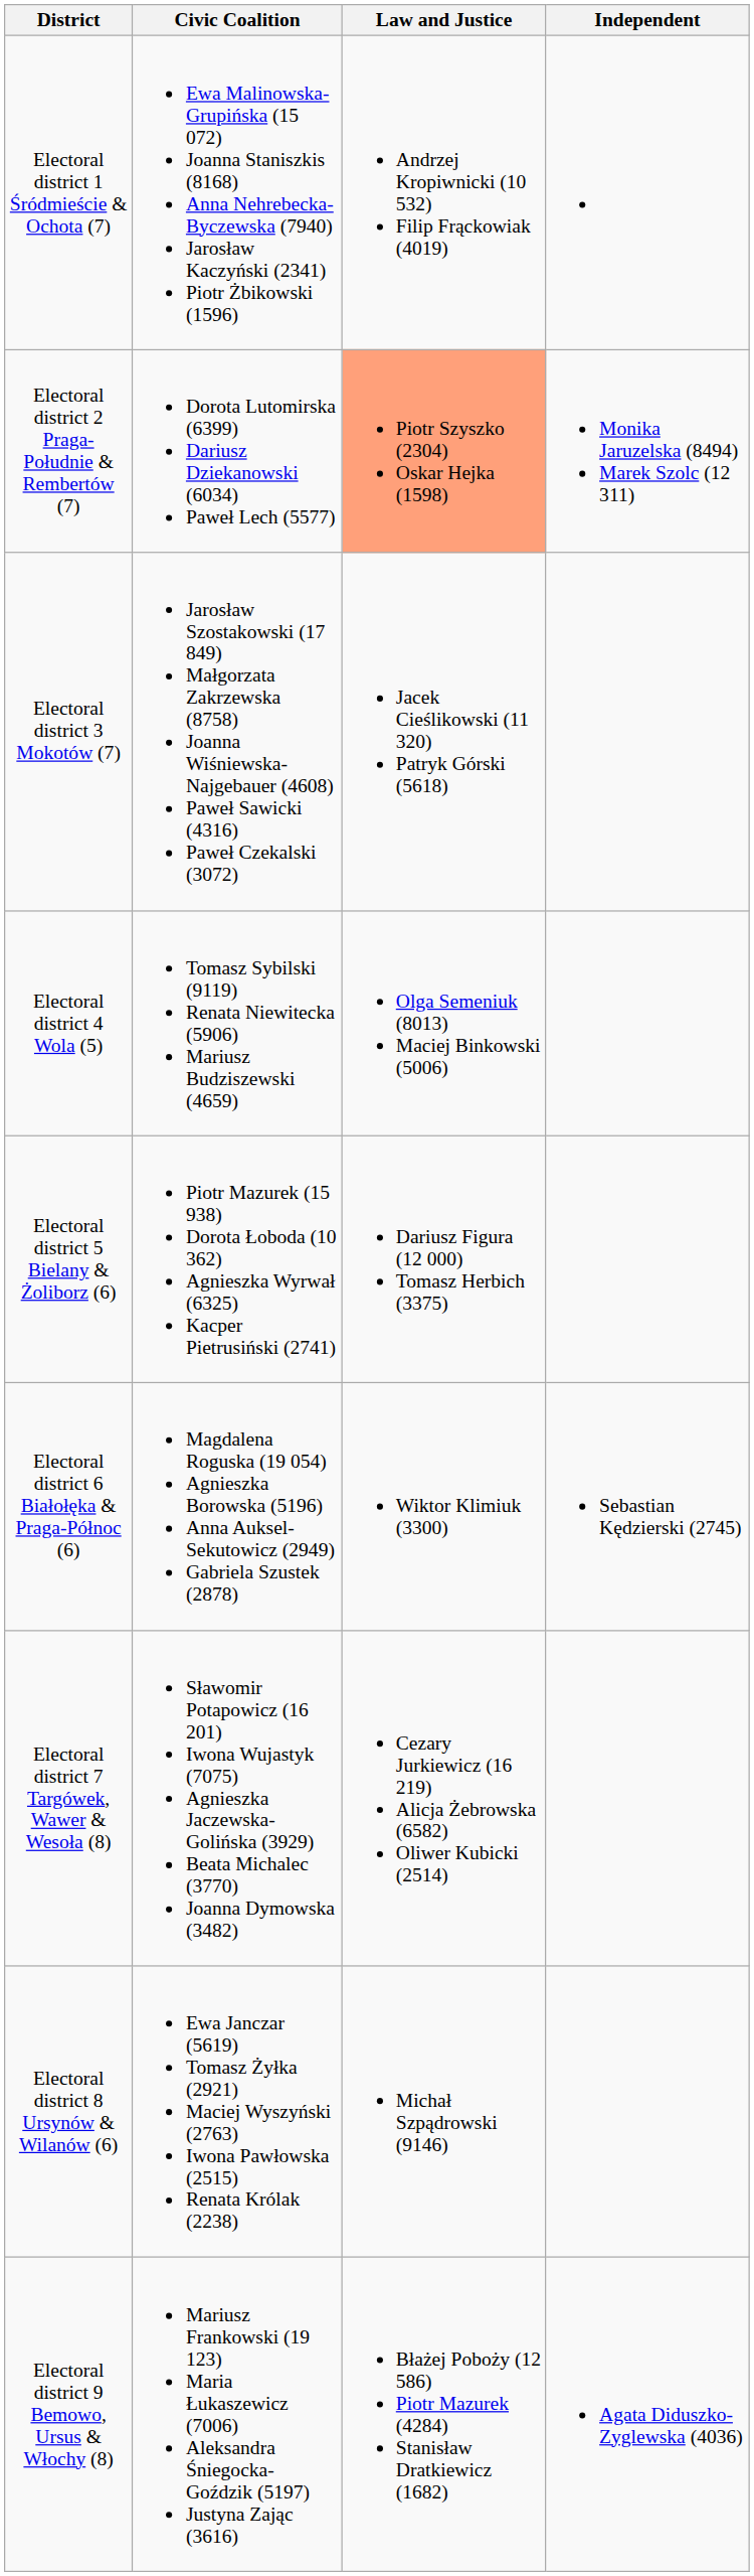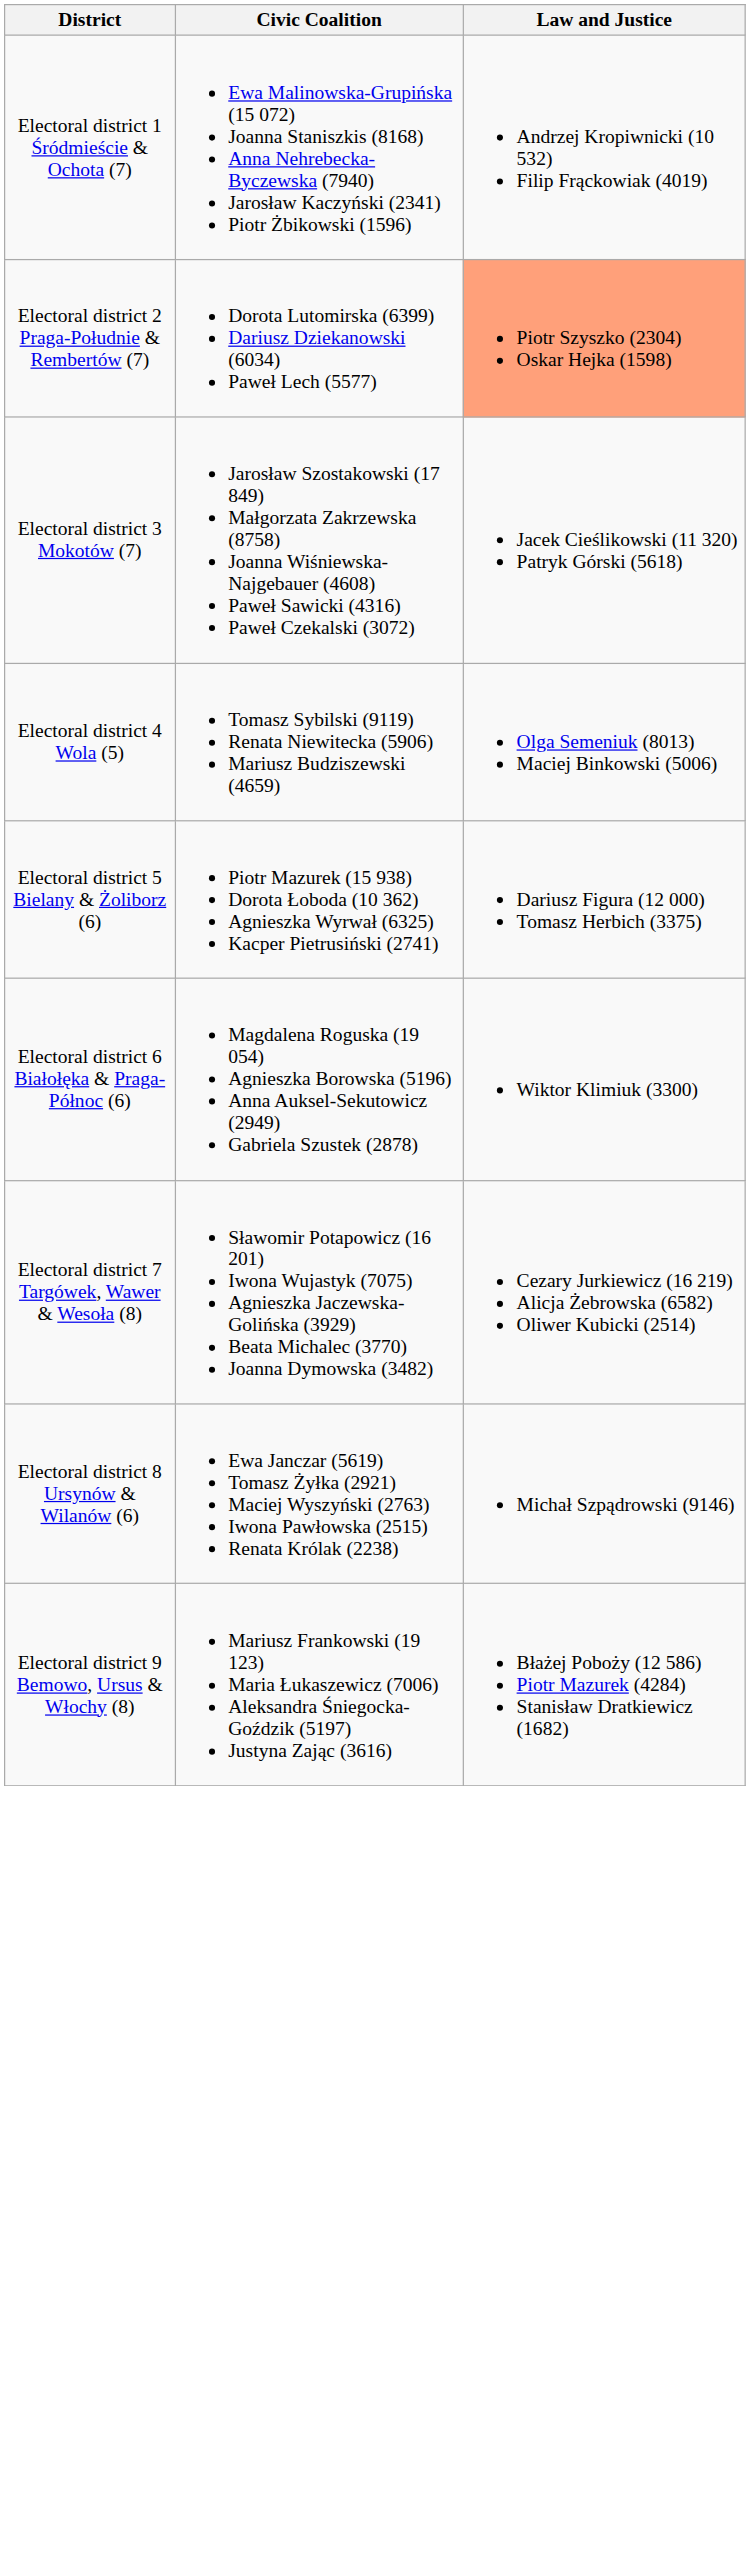 <table class="wikitable">
 <tr>
 <th width="12%">District</th>
 <th width="22%">Civic Coalition</th>
 <th width="22%">Law and Justice</th>
-<th width="22%">Independent</th>
 </tr>
 <tr>
 <td style="text-align:center">Electoral district 1<br><a href='#'>Śródmieście</a> & <a href='#'>Ochota</a> (7)</td>
 <td><br><ul><li><a href='#'>Ewa Malinowska-Grupińska</a> (15 072)</li><li>Joanna Staniszkis (8168)</li><li><a href='#'>Anna Nehrebecka-Byczewska</a> (7940)</li><li>Jarosław Kaczyński (2341)</li><li>Piotr Żbikowski (1596)</li></ul></td>
 <td><br><ul><li>Andrzej Kropiwnicki (10 532)</li><li>Filip Frąckowiak (4019)</li></ul></td>
-<td><br><ul><li></li></ul></td>
 </tr>
 <tr>
 <td style="text-align:center">Electoral district 2<br><a href='#'>Praga-Południe</a> & <a href='#'>Rembertów</a> (7)</td>
 <td><br><ul><li>Dorota Lutomirska (6399)</li><li><a href='#'>Dariusz Dziekanowski</a> (6034)</li><li>Paweł Lech (5577)</li></ul></td>
 <td style="background: lightsalmon;"><br><ul><li>Piotr Szyszko (2304)</li><li>Oskar Hejka (1598)</li></ul></td>
-<td><br><ul><li><a href='#'>Monika Jaruzelska</a> (8494)</li><li><a href='#'>Marek Szolc</a> (12 311)</li></ul></td>
 </tr>
 <tr>
 <td style="text-align:center">Electoral district 3<br><a href='#'>Mokotów</a> (7)</td>
 <td><br><ul><li>Jarosław Szostakowski (17 849)</li><li>Małgorzata Zakrzewska (8758)</li><li>Joanna Wiśniewska-Najgebauer (4608)</li><li>Paweł Sawicki (4316)</li><li>Paweł Czekalski (3072)</li></ul></td>
 <td><br><ul><li>Jacek Cieślikowski (11 320)</li><li>Patryk Górski (5618)</li></ul></td>
-<td></td>
 </tr>
 <tr>
 <td style="text-align:center">Electoral district 4<br><a href='#'>Wola</a> (5)</td>
 <td><br><ul><li>Tomasz Sybilski (9119)</li><li>Renata Niewitecka (5906)</li><li>Mariusz Budziszewski (4659)</li></ul></td>
 <td><br><ul><li><a href='#'>Olga Semeniuk</a> (8013)</li><li>Maciej Binkowski (5006)</li></ul></td>
-<td></td>
 </tr>
 <tr>
 <td style="text-align:center">Electoral district 5<br><a href='#'>Bielany</a> & <a href='#'>Żoliborz</a> (6)</td>
 <td><br><ul><li>Piotr Mazurek (15 938)</li><li>Dorota Łoboda (10 362)</li><li>Agnieszka Wyrwał (6325)</li><li>Kacper Pietrusiński (2741)</li></ul></td>
 <td><br><ul><li>Dariusz Figura (12 000)</li><li>Tomasz Herbich (3375)</li></ul></td>
-<td></td>
 </tr>
 <tr>
 <td style="text-align:center">Electoral district 6<br><a href='#'>Białołęka</a> & <a href='#'>Praga-Północ</a> (6)</td>
 <td><br><ul><li>Magdalena Roguska (19 054)</li><li>Agnieszka Borowska (5196)</li><li>Anna Auksel-Sekutowicz (2949)</li><li>Gabriela Szustek (2878)</li></ul></td>
 <td><br><ul><li>Wiktor Klimiuk (3300)</li></ul></td>
-<td><br><ul><li>Sebastian Kędzierski (2745)</li></ul></td>
 </tr>
 <tr>
 <td style="text-align:center">Electoral district 7<br><a href='#'>Targówek</a>, <a href='#'>Wawer</a> & <a href='#'>Wesoła</a> (8)</td>
 <td><br><ul><li>Sławomir Potapowicz (16 201)</li><li>Iwona Wujastyk (7075)</li><li>Agnieszka Jaczewska-Golińska (3929)</li><li>Beata Michalec (3770)</li><li>Joanna Dymowska (3482)</li></ul></td>
 <td><br><ul><li>Cezary Jurkiewicz (16 219)</li><li>Alicja Żebrowska (6582)</li><li>Oliwer Kubicki (2514)</li></ul></td>
-<td></td>
 </tr>
 <tr>
 <td style="text-align:center">Electoral district 8<br><a href='#'>Ursynów</a> & <a href='#'>Wilanów</a> (6)</td>
 <td><br><ul><li>Ewa Janczar (5619)</li><li>Tomasz Żyłka (2921)</li><li>Maciej Wyszyński (2763)</li><li>Iwona Pawłowska (2515)</li><li>Renata Królak (2238)</li></ul></td>
 <td><br><ul><li>Michał Szpądrowski (9146)</li></ul></td>
-<td></td>
 </tr>
 <tr>
 <td style="text-align:center">Electoral district 9<br><a href='#'>Bemowo</a>, <a href='#'>Ursus</a> & <a href='#'>Włochy</a> (8)</td>
 <td><br><ul><li>Mariusz Frankowski (19 123)</li><li>Maria Łukaszewicz (7006)</li><li>Aleksandra Śniegocka-Goździk (5197)</li><li>Justyna Zając (3616)</li></ul></td>
 <td><br><ul><li>Błażej Poboży (12 586)</li><li><a href='#'>Piotr Mazurek</a> (4284)</li><li>Stanisław Dratkiewicz (1682)</li></ul></td>
-<td><br><ul><li><a href='#'>Agata Diduszko-Zyglewska</a> (4036)</li></ul></td>
 </tr>
 </table>
